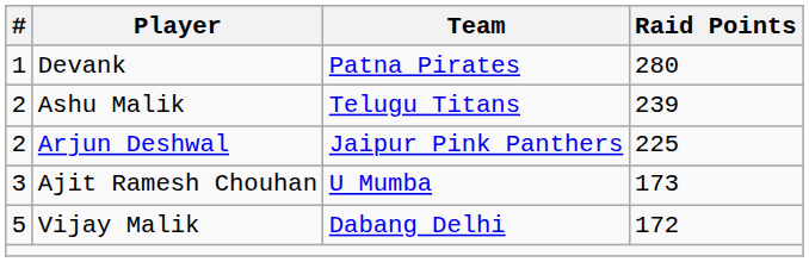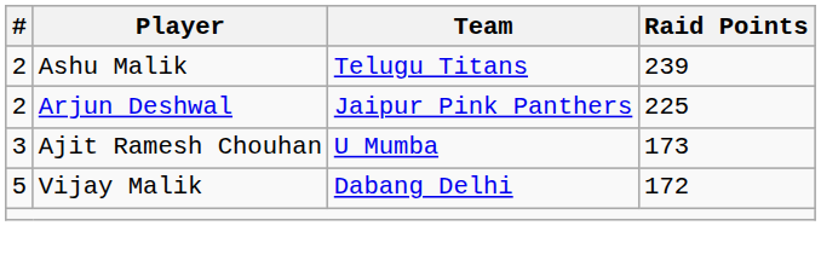 <table class="wikitable" style="text- align: center;">
 <tr>
 <th>#</th>
 <th>Player</th>
 <th>Team</th>
 <th>Raid Points</th>
-</tr>
-<tr>
-<td>1</td>
-<td style="text-align left"> Devank</td>
-<td><a href='#'>Patna Pirates</a></td>
-<td>280</td>
 </tr>
 <tr>
 <td>2</td>
 <td style="text-align left"> Ashu Malik</td>
 <td><a href='#'>Telugu Titans</a></td>
 <td>239</td>
 </tr>
 <tr>
 <td>2</td>
 <td style="text-align left"> <a href='#'>Arjun Deshwal</a></td>
 <td><a href='#'>Jaipur Pink Panthers</a></td>
 <td>225</td>
 </tr>
 <tr>
 <td>3</td>
 <td style="text-align left"> Ajit Ramesh Chouhan</td>
 <td><a href='#'>U Mumba</a></td>
 <td>173</td>
 </tr>
 <tr>
 <td>5</td>
 <td style="text-align left"> Vijay Malik</td>
 <td><a href='#'>Dabang Delhi</a></td>
 <td>172</td>
 </tr>
 <tr class="sortbottom">
 <td colspan="4"></td>
 </tr>
 </table>
